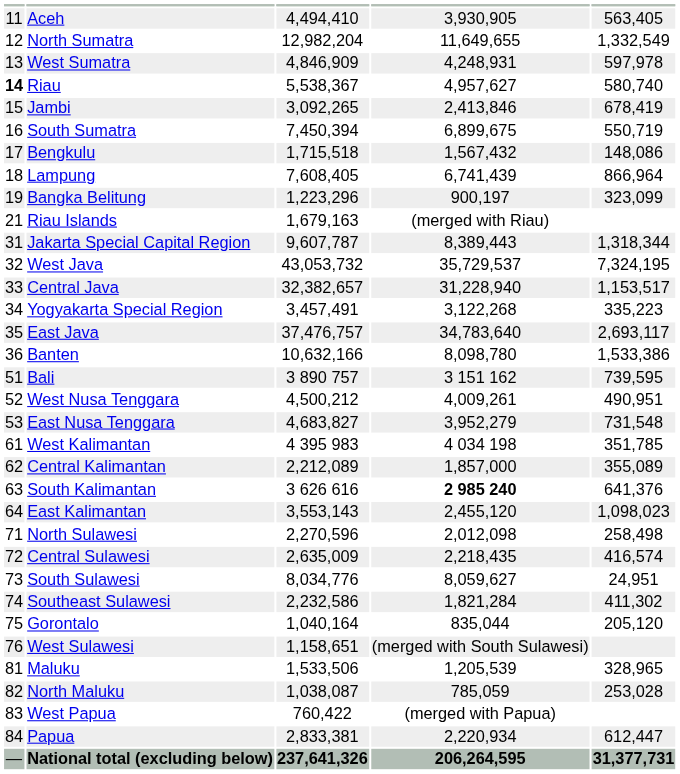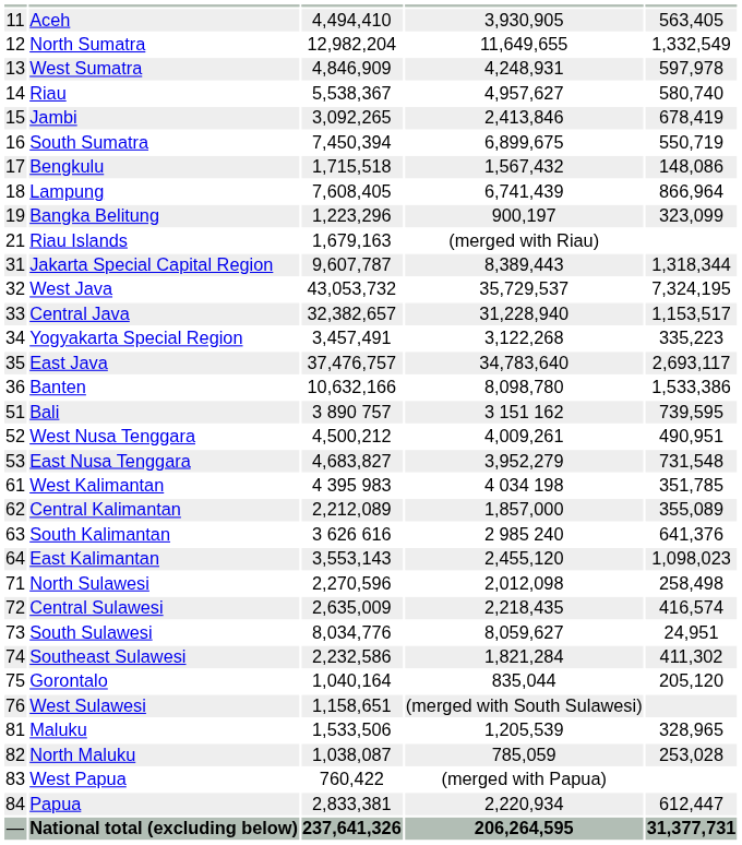 <table class="toccolours sortable" style="margin:1em auto; padding:0.5em;">
 <tr bgcolor="#B2BEB5">
 <th style="background:#B2BEB5; color:black"></th>
 <th style="background:#B2BEB5; color:black"></th>
 <th style="background:#B2BEB5; color:black"></th>
 <th style="background:#B2BEB5; color:black"></th>
 <th style="background:#B2BEB5; color:black"></th>
 </tr>
 <tr align=center style="background:#eeeeee;">
 <td align=center>11</td>
 <td align=left><a href='#'>Aceh</a></td>
 <td align=center>4,494,410</td>
 <td align=center>3,930,905</td>
 <td align=center>563,405</td>
 </tr>
 <tr align=center style="background:#ffffff;">
 <td align=center>12</td>
 <td align=left><a href='#'>North Sumatra</a></td>
 <td align=center>12,982,204</td>
 <td align=center>11,649,655</td>
 <td align=center>1,332,549</td>
 </tr>
 <tr align=center style="background:#eeeeee;">
 <td align=center>13</td>
 <td align=left><a href='#'>West Sumatra</a></td>
 <td align=center>4,846,909</td>
 <td align=center>4,248,931</td>
 <td align=center>597,978</td>
 </tr>
 <tr align=center style="background:#ffffff;">
-<td align=center><strong>14</strong></td>
+<td align=center>14</td>
 <td align=left><a href='#'>Riau</a></td>
 <td align=center>5,538,367</td>
 <td align=center>4,957,627</td>
 <td align=center>580,740</td>
 </tr>
 <tr align=center style="background:#eeeeee;">
 <td align=center>15</td>
 <td align=left><a href='#'>Jambi</a></td>
 <td align=center>3,092,265</td>
 <td align=center>2,413,846</td>
 <td align=center>678,419</td>
 </tr>
 <tr align=center style="background:#ffffff;">
 <td align=center>16</td>
 <td align=left><a href='#'>South Sumatra</a></td>
 <td align=center>7,450,394</td>
 <td align=center>6,899,675</td>
 <td align=center>550,719</td>
 </tr>
 <tr align=center style="background:#eeeeee;">
 <td align=center>17</td>
 <td align=left><a href='#'>Bengkulu</a></td>
 <td align=center>1,715,518</td>
 <td align=center>1,567,432</td>
 <td align=center>148,086</td>
 </tr>
 <tr align=center style="background:#ffffff;">
 <td align=center>18</td>
 <td align=left><a href='#'>Lampung</a></td>
 <td align=center>7,608,405</td>
 <td align=center>6,741,439</td>
 <td align=center>866,964</td>
 </tr>
 <tr align=center style="background:#eeeeee;">
 <td align=center>19</td>
 <td align=left><a href='#'>Bangka Belitung</a></td>
 <td align=center>1,223,296</td>
 <td align=center>900,197</td>
 <td align=center>323,099</td>
 </tr>
 <tr align=center style="background:#ffffff;">
 <td align=center>21</td>
 <td align=left><a href='#'>Riau Islands</a></td>
 <td align=center>1,679,163</td>
 <td align=center>(merged with Riau)</td>
 <td align=center></td>
 </tr>
 <tr align=center style="background:#eeeeee;">
 <td align=center>31</td>
 <td align=left><a href='#'>Jakarta Special Capital Region</a></td>
 <td align=center>9,607,787</td>
 <td align=center>8,389,443</td>
 <td align=center>1,318,344</td>
 </tr>
 <tr align=center style="background:#ffffff;">
 <td align=center>32</td>
 <td align=left><a href='#'>West Java</a></td>
 <td align=center>43,053,732</td>
 <td align=center>35,729,537</td>
 <td align=center>7,324,195</td>
 </tr>
 <tr align=center style="background:#eeeeee;">
 <td align=center>33</td>
 <td align=left><a href='#'>Central Java</a></td>
 <td align=center>32,382,657</td>
 <td align=center>31,228,940</td>
 <td align=center>1,153,517</td>
 </tr>
 <tr align=center style="background:#ffffff;">
 <td align=center>34</td>
 <td align=left><a href='#'>Yogyakarta Special Region</a></td>
 <td align=center>3,457,491</td>
 <td align=center>3,122,268</td>
 <td align=center>335,223</td>
 </tr>
 <tr align=center style="background:#eeeeee;">
 <td align=center>35</td>
 <td align=left><a href='#'>East Java</a></td>
 <td align=center>37,476,757</td>
 <td align=center>34,783,640</td>
 <td align=center>2,693,117</td>
 </tr>
 <tr align=center style="background:#ffffff;">
 <td align=center>36</td>
 <td align=left><a href='#'>Banten</a></td>
 <td align=center>10,632,166</td>
 <td align=center>8,098,780</td>
 <td align=center>1,533,386</td>
 </tr>
 <tr align=center style="background:#eeeeee;">
 <td align=center>51</td>
 <td align=left><a href='#'>Bali</a></td>
 <td align=center>3 890 757</td>
 <td align=center>3 151 162</td>
 <td align=center>739,595</td>
 </tr>
 <tr align=center style="background:#ffffff;">
 <td align=center>52</td>
 <td align=left><a href='#'>West Nusa Tenggara</a></td>
 <td align=center>4,500,212</td>
 <td align=center>4,009,261</td>
 <td align=center>490,951</td>
 </tr>
 <tr align=center style="background:#eeeeee;">
 <td align=center>53</td>
 <td align=left><a href='#'>East Nusa Tenggara</a></td>
 <td align=center>4,683,827</td>
 <td align=center>3,952,279</td>
 <td align=center>731,548</td>
 </tr>
 <tr align=center style="background:#ffffff;">
 <td align=center>61</td>
 <td align=left><a href='#'>West Kalimantan</a></td>
 <td align=center>4 395 983</td>
 <td align=center>4 034 198</td>
 <td align=center>351,785</td>
 </tr>
 <tr align=center style="background:#eeeeee;">
 <td align=center>62</td>
 <td align=left><a href='#'>Central Kalimantan</a></td>
 <td align=center>2,212,089</td>
 <td align=center>1,857,000</td>
 <td align=center>355,089</td>
 </tr>
 <tr align=center style="background:#ffffff;">
 <td align=center>63</td>
 <td align=left><a href='#'>South Kalimantan</a></td>
 <td align=center>3 626 616</td>
-<td align=center><strong>2 985 240</strong></td>
+<td align=center>2 985 240</td>
 <td align=center>641,376</td>
 </tr>
 <tr align=center style="background:#eeeeee;">
 <td align=center>64</td>
 <td align=left><a href='#'>East Kalimantan</a></td>
 <td align=center>3,553,143</td>
 <td align=center>2,455,120</td>
 <td align=center>1,098,023</td>
 </tr>
 <tr align=center style="background:#ffffff;">
 <td align=center>71</td>
 <td align=left><a href='#'>North Sulawesi</a></td>
 <td align=center>2,270,596</td>
 <td align=center>2,012,098</td>
 <td align=center>258,498</td>
 </tr>
 <tr align=center style="background:#eeeeee;">
 <td align=center>72</td>
 <td align=left><a href='#'>Central Sulawesi</a></td>
 <td align=center>2,635,009</td>
 <td align=center>2,218,435</td>
 <td align=center>416,574</td>
 </tr>
 <tr align=center style="background:#ffffff;">
 <td align=center>73</td>
 <td align=left><a href='#'>South Sulawesi</a></td>
 <td align=center>8,034,776</td>
 <td align=center>8,059,627</td>
 <td align=center>24,951</td>
 </tr>
 <tr align=center style="background:#eeeeee;">
 <td align=center>74</td>
 <td align=left><a href='#'>Southeast Sulawesi</a></td>
 <td align=center>2,232,586</td>
 <td align=center>1,821,284</td>
 <td align=center>411,302</td>
 </tr>
 <tr align=center style="background:#ffffff;">
 <td align=center>75</td>
 <td align=left><a href='#'>Gorontalo</a></td>
 <td align=center>1,040,164</td>
 <td align=center>835,044</td>
 <td align=center>205,120</td>
 </tr>
 <tr align=center style="background:#eeeeee;">
 <td align=center>76</td>
 <td align=left><a href='#'>West Sulawesi</a></td>
 <td align=center>1,158,651</td>
 <td align=center>(merged with South Sulawesi)</td>
 <td align=center></td>
 </tr>
 <tr align=center style="background:#ffffff;">
 <td align=center>81</td>
 <td align=left><a href='#'>Maluku</a></td>
 <td align=center>1,533,506</td>
 <td align=center>1,205,539</td>
 <td align=center>328,965</td>
 </tr>
 <tr align=center style="background:#eeeeee;">
 <td align=center>82</td>
 <td align=left><a href='#'>North Maluku</a></td>
 <td align=center>1,038,087</td>
 <td align=center>785,059</td>
 <td align=center>253,028</td>
 </tr>
 <tr align=center style="background:ffffff">
 <td align=center>83</td>
 <td align=left><a href='#'>West Papua</a></td>
 <td align=center>760,422</td>
 <td align=center>(merged with Papua)</td>
 <td align=center></td>
 </tr>
 <tr align=center style="background:#eeeeee;">
 <td align=center>84</td>
 <td align=left><a href='#'>Papua</a></td>
 <td align=center>2,833,381</td>
 <td align=center>2,220,934</td>
 <td align=center>612,447</td>
 </tr>
 <tr align=center style="background:#B2BEB5;">
 <td align=center>—</td>
 <td align=left><strong>National total (excluding below)</strong></td>
 <td align=center><strong>237,641,326</strong></td>
 <td align=center><strong>206,264,595 </strong></td>
 <td align=center><strong>31,377,731</strong></td>
 </tr>
 </table>
